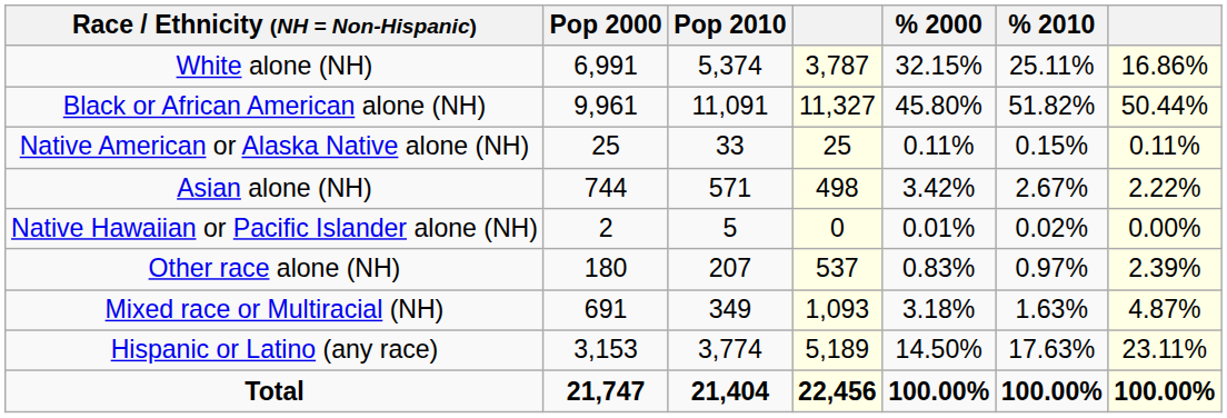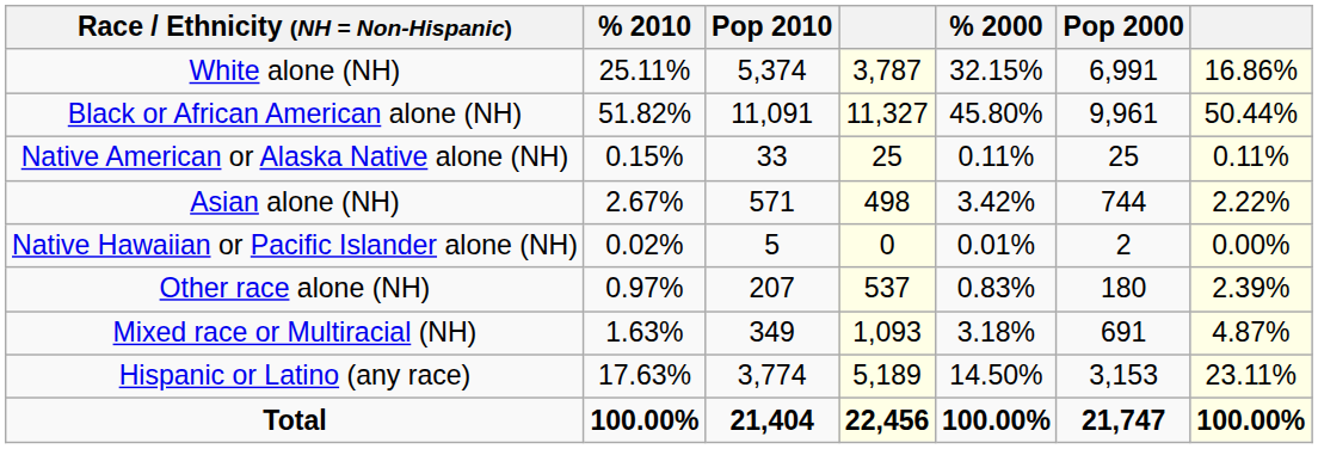 <table class="wikitable" style="text-align:center;">
 <tr>
 <th>Race / Ethnicity <small>(<em>NH = Non-Hispanic</em>)</small></th>
-<th>Pop 2000</th>
+<th>% 2010</th>
 <th>Pop 2010</th>
 <th></th>
 <th>% 2000</th>
-<th>% 2010</th>
+<th>Pop 2000</th>
 <th></th>
 </tr>
 <tr>
 <td><a href='#'>White</a> alone (NH)</td>
-<td>6,991</td>
+<td>25.11%</td>
 <td>5,374</td>
 <td style='background: #ffffe6;'>3,787</td>
 <td>32.15%</td>
-<td>25.11%</td>
+<td>6,991</td>
 <td style='background: #ffffe6;'>16.86%</td>
 </tr>
 <tr>
 <td><a href='#'>Black or African American</a> alone (NH)</td>
-<td>9,961</td>
+<td>51.82%</td>
 <td>11,091</td>
 <td style='background: #ffffe6;'>11,327</td>
 <td>45.80%</td>
-<td>51.82%</td>
+<td>9,961</td>
 <td style='background: #ffffe6;'>50.44%</td>
 </tr>
 <tr>
 <td><a href='#'>Native American</a> or <a href='#'>Alaska Native</a> alone (NH)</td>
-<td>25</td>
+<td>0.15%</td>
 <td>33</td>
 <td style='background: #ffffe6;'>25</td>
 <td>0.11%</td>
-<td>0.15%</td>
+<td>25</td>
 <td style='background: #ffffe6;'>0.11%</td>
 </tr>
 <tr>
 <td><a href='#'>Asian</a> alone (NH)</td>
-<td>744</td>
+<td>2.67%</td>
 <td>571</td>
 <td style='background: #ffffe6;'>498</td>
 <td>3.42%</td>
-<td>2.67%</td>
+<td>744</td>
 <td style='background: #ffffe6;'>2.22%</td>
 </tr>
 <tr>
 <td><a href='#'>Native Hawaiian</a> or <a href='#'>Pacific Islander</a> alone (NH)</td>
-<td>2</td>
+<td>0.02%</td>
 <td>5</td>
 <td style='background: #ffffe6;'>0</td>
 <td>0.01%</td>
-<td>0.02%</td>
+<td>2</td>
 <td style='background: #ffffe6;'>0.00%</td>
 </tr>
 <tr>
 <td><a href='#'>Other race</a> alone (NH)</td>
-<td>180</td>
+<td>0.97%</td>
 <td>207</td>
 <td style='background: #ffffe6;'>537</td>
 <td>0.83%</td>
-<td>0.97%</td>
+<td>180</td>
 <td style='background: #ffffe6;'>2.39%</td>
 </tr>
 <tr>
 <td><a href='#'>Mixed race or Multiracial</a> (NH)</td>
-<td>691</td>
+<td>1.63%</td>
 <td>349</td>
 <td style='background: #ffffe6;'>1,093</td>
 <td>3.18%</td>
-<td>1.63%</td>
+<td>691</td>
 <td style='background: #ffffe6;'>4.87%</td>
 </tr>
 <tr>
 <td><a href='#'>Hispanic or Latino</a> (any race)</td>
-<td>3,153</td>
+<td>17.63%</td>
 <td>3,774</td>
 <td style='background: #ffffe6;'>5,189</td>
 <td>14.50%</td>
-<td>17.63%</td>
+<td>3,153</td>
 <td style='background: #ffffe6;'>23.11%</td>
 </tr>
 <tr>
 <td><strong>Total</strong></td>
-<td><strong>21,747</strong></td>
+<td><strong>100.00%</strong></td>
 <td><strong>21,404</strong></td>
 <td style='background: #ffffe6;'><strong>22,456</strong></td>
 <td><strong>100.00%</strong></td>
-<td><strong>100.00%</strong></td>
+<td><strong>21,747</strong></td>
 <td style='background: #ffffe6;'><strong>100.00%</strong></td>
 </tr>
 </table>
